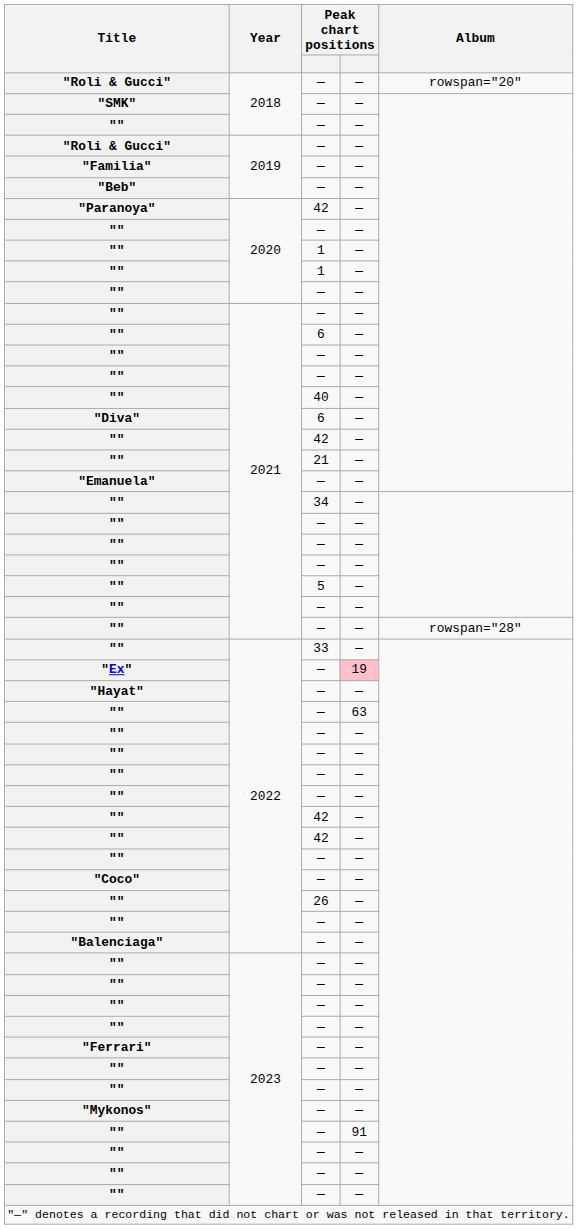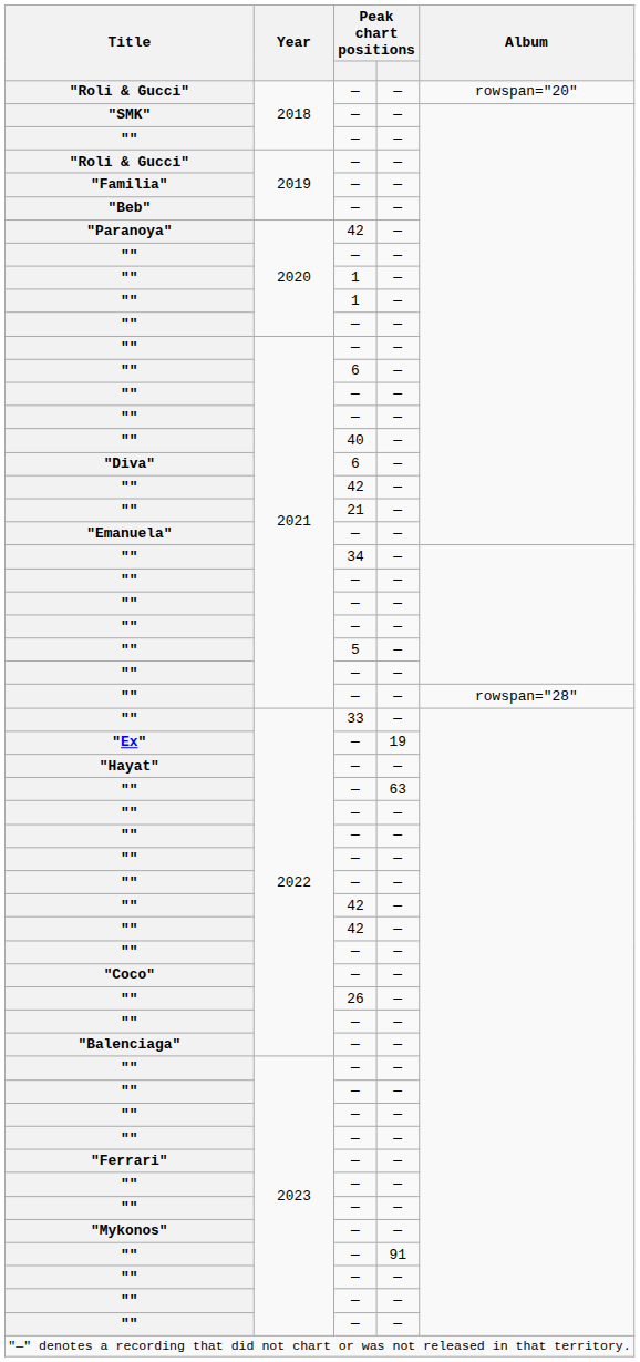 <table class="wikitable plainrowheaders" style="text-align:center;">
 <tr>
 <th scope="col" rowspan="2">Title</th>
 <th scope="col" rowspan="2">Year</th>
 <th scope="col" colspan="2">Peak<br>chart<br>positions</th>
 <th scope="col" rowspan="2">Album</th>
 </tr>
 <tr>
 <th scope=col style="width:3em; font-size:85%;"><a href='#'></a><br></th>
 <th scope=col style="width:3em; font-size:85%;"><a href='#'></a><br></th>
 </tr>
 <tr>
 <th scope="row">"Roli & Gucci"</th>
 <td rowspan="3">2018</td>
 <td>—</td>
 <td>—</td>
 <td>rowspan="20" </td>
 </tr>
 <tr>
 <th scope="row">"SMK"</th>
 <td>—</td>
 <td>—</td>
 </tr>
 <tr>
 <th scope="row">""</th>
 <td>—</td>
 <td>—</td>
 </tr>
 <tr>
 <th scope="row">"Roli & Gucci"</th>
 <td rowspan="3">2019</td>
 <td>—</td>
 <td>—</td>
 </tr>
 <tr>
 <th scope="row">"Familia"</th>
 <td>—</td>
 <td>—</td>
 </tr>
 <tr>
 <th scope="row">"Beb"</th>
 <td>—</td>
 <td>—</td>
 </tr>
 <tr>
 <th scope="row">"Paranoya"</th>
 <td rowspan="5">2020</td>
 <td>42</td>
 <td>—</td>
 </tr>
 <tr>
 <th scope="row">""</th>
 <td>—</td>
 <td>—</td>
 </tr>
 <tr>
 <th scope="row">""</th>
 <td>1</td>
 <td>—</td>
 </tr>
 <tr>
 <th scope="row">""<br></th>
 <td>1</td>
 <td>—</td>
 </tr>
 <tr>
 <th scope="row">""<br></th>
 <td>—</td>
 <td>—</td>
 </tr>
 <tr>
 <th scope="row">""</th>
 <td rowspan="16">2021</td>
 <td>—</td>
 <td>—</td>
 </tr>
 <tr>
 <th scope="row">""</th>
 <td>6</td>
 <td>—</td>
 </tr>
 <tr>
 <th scope="row">""<br></th>
 <td>—</td>
 <td>—</td>
 </tr>
 <tr>
 <th scope="row">""</th>
 <td>—</td>
 <td>—</td>
 </tr>
 <tr>
 <th scope="row">""</th>
 <td>40</td>
 <td>—</td>
 </tr>
 <tr>
 <th scope="row">"Diva"</th>
 <td>6</td>
 <td>—</td>
 </tr>
 <tr>
 <th scope="row">""<br></th>
 <td>42</td>
 <td>—</td>
 </tr>
 <tr>
 <th scope="row">""<br></th>
 <td>21</td>
 <td>—</td>
 </tr>
 <tr>
 <th scope="row">"Emanuela"<br></th>
 <td>—</td>
 <td>—</td>
 </tr>
 <tr>
 <th scope="row">""</th>
 <td>34</td>
 <td>—</td>
 <td rowspan="6"></td>
 </tr>
 <tr>
 <th scope="row">""<br></th>
 <td>—</td>
 <td>—</td>
 </tr>
 <tr>
 <th scope="row">""<br></th>
 <td>—</td>
 <td>—</td>
 </tr>
 <tr>
 <th scope="row">""<br></th>
 <td>—</td>
 <td>—</td>
 </tr>
 <tr>
 <th scope="row">""<br></th>
 <td>5</td>
 <td>—</td>
 </tr>
 <tr>
 <th scope="row">""<br></th>
 <td>—</td>
 <td>—</td>
 </tr>
 <tr>
 <th scope="row">""<br></th>
 <td>—</td>
 <td>—</td>
 <td>rowspan="28" </td>
 </tr>
 <tr>
 <th scope="row">""</th>
 <td rowspan="15">2022</td>
 <td>33</td>
 <td>—</td>
 </tr>
 <tr>
 <th scope="row">"<a href='#'>Ex</a>"<br></th>
 <td>—</td>
-<td style="background: pink;">19</td>
+<td>19</td>
 </tr>
 <tr>
 <th scope="row">"Hayat"<br></th>
 <td>—</td>
 <td>—</td>
 </tr>
 <tr>
 <th scope="row">""<br></th>
 <td>—</td>
 <td>63</td>
 </tr>
 <tr>
 <th scope="row">""<br></th>
 <td>—</td>
 <td>—</td>
 </tr>
 <tr>
 <th scope="row">""<br></th>
 <td>—</td>
 <td>—</td>
 </tr>
 <tr>
 <th scope="row">""<br></th>
 <td>—</td>
 <td>—</td>
 </tr>
 <tr>
 <th scope="row">""<br></th>
 <td>—</td>
 <td>—</td>
 </tr>
 <tr>
 <th scope="row">""</th>
 <td>42</td>
 <td>—</td>
 </tr>
 <tr>
 <th scope="row">""</th>
 <td>42</td>
 <td>—</td>
 </tr>
 <tr>
 <th scope="row">""<br></th>
 <td>—</td>
 <td>—</td>
 </tr>
 <tr>
 <th scope="row">"Coco"<br></th>
 <td>—</td>
 <td>—</td>
 </tr>
 <tr>
 <th scope="row">""<br></th>
 <td>26</td>
 <td>—</td>
 </tr>
 <tr>
 <th scope="row">""</th>
 <td>—</td>
 <td>—</td>
 </tr>
 <tr>
 <th scope="row">"Balenciaga"<br></th>
 <td>—</td>
 <td>—</td>
 </tr>
 <tr>
 <th scope="row">""<br></th>
 <td rowspan="12">2023</td>
 <td>—</td>
 <td>—</td>
 </tr>
 <tr>
 <th scope="row">""</th>
 <td>—</td>
 <td>—</td>
 </tr>
 <tr>
 <th scope="row">""</th>
 <td>—</td>
 <td>—</td>
 </tr>
 <tr>
 <th scope="row">""</th>
 <td>—</td>
 <td>—</td>
 </tr>
 <tr>
 <th scope="row">"Ferrari"<br></th>
 <td>—</td>
 <td>—</td>
 </tr>
 <tr>
 <th scope="row">""</th>
 <td>—</td>
 <td>—</td>
 </tr>
 <tr>
 <th scope="row">""<br></th>
 <td>—</td>
 <td>—</td>
 </tr>
 <tr>
 <th scope="row">"Mykonos"</th>
 <td>—</td>
 <td>—</td>
 </tr>
 <tr>
 <th scope="row">""<br></th>
 <td>—</td>
 <td>91</td>
 </tr>
 <tr>
 <th scope="row">""</th>
 <td>—</td>
 <td>—</td>
 </tr>
 <tr>
 <th scope="row">""<br></th>
 <td>—</td>
 <td>—</td>
 </tr>
 <tr>
 <th scope="row">""<br></th>
 <td>—</td>
 <td>—</td>
 </tr>
 <tr>
 <td colspan="5" style="font-size:90%">"—" denotes a recording that did not chart or was not released in that territory.</td>
 </tr>
 </table>
